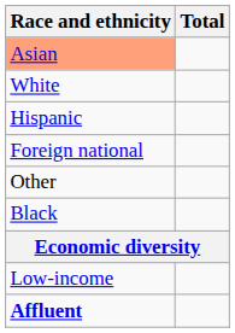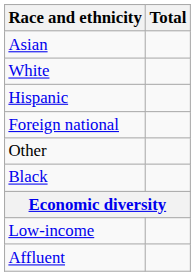 <table class="wikitable float right sortable collapsible"; text-align:right; font-size:80%;">
 <tr>
 <th>Race and ethnicity</th>
 <th colspan="2" data-sort-type=number>Total</th>
 </tr>
 <tr>
-<td style="background: lightsalmon;"><a href='#'>Asian</a></td>
+<td><a href='#'>Asian</a></td>
 <td align=right></td>
 </tr>
 <tr>
 <td><a href='#'>White</a></td>
 <td align=right></td>
 </tr>
 <tr>
 <td><a href='#'>Hispanic</a></td>
 <td align=right></td>
 </tr>
 <tr>
 <td><a href='#'>Foreign national</a></td>
 <td align=right></td>
 </tr>
 <tr>
 <td>Other</td>
 <td align=right></td>
 </tr>
 <tr>
 <td><a href='#'>Black</a></td>
 <td align=right></td>
 </tr>
 <tr>
 <th colspan="4" data-sort-type=number><a href='#'>Economic diversity</a></th>
 </tr>
 <tr>
 <td><a href='#'>Low-income</a></td>
 <td align=right></td>
 </tr>
 <tr>
-<td><strong><a href='#'>Affluent</a></strong></td>
+<td><a href='#'>Affluent</a></td>
 <td align=right></td>
 </tr>
 </table>
